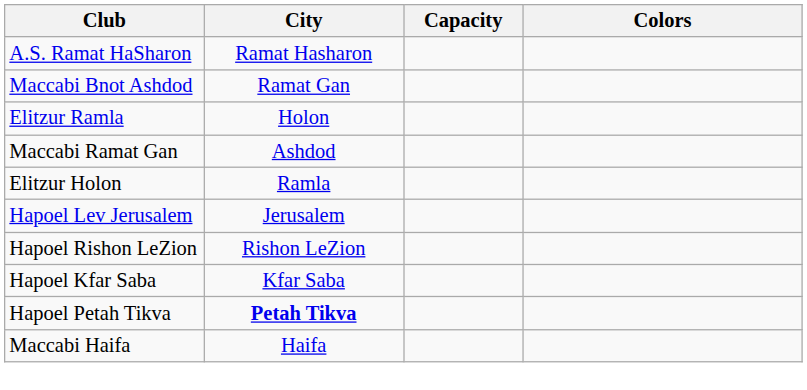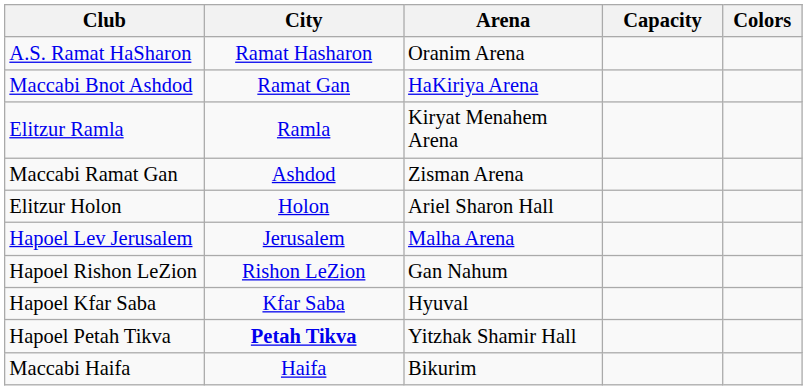 <table class="wikitable sortable" style="width:100%;">
 <tr>
 <th style="width:25%">Club</th>
 <th style="width:25%">City</th>
+<th style="width:25%">Arena</th>
 <th style="width:15%">Capacity</th>
 <th class="unsortable" scope="col">Colors</th>
 </tr>
 <tr>
 <td><a href='#'>A.S. Ramat HaSharon</a></td>
 <td align=center><a href='#'>Ramat Hasharon</a></td>
+<td>Oranim Arena</td>
 <td style="text-align:center"></td>
 <td> </td>
 </tr>
 <tr>
 <td><a href='#'>Maccabi Bnot Ashdod</a></td>
 <td align=center><a href='#'>Ramat Gan</a></td>
+<td><a href='#'>HaKiriya Arena</a></td>
 <td style="text-align:center"></td>
 <td> </td>
 </tr>
 <tr>
 <td><a href='#'>Elitzur Ramla</a></td>
-<td align=center><a href='#'>Holon</a></td>
+<td align=center><a href='#'>Ramla</a></td>
+<td>Kiryat Menahem Arena</td>
 <td style="text-align:center"></td>
 <td> </td>
 </tr>
 <tr>
 <td>Maccabi Ramat Gan</td>
 <td align=center><a href='#'>Ashdod</a></td>
+<td>Zisman Arena</td>
 <td style="text-align:center"></td>
 <td> </td>
 </tr>
 <tr>
 <td>Elitzur Holon</td>
-<td align=center><a href='#'>Ramla</a></td>
+<td align=center><a href='#'>Holon</a></td>
+<td>Ariel Sharon Hall</td>
 <td style="text-align:center"></td>
 <td> </td>
 </tr>
 <tr>
 <td><a href='#'>Hapoel Lev Jerusalem</a></td>
 <td align=center><a href='#'>Jerusalem</a></td>
+<td><a href='#'>Malha Arena</a></td>
 <td style="text-align:center"></td>
 <td> </td>
 </tr>
 <tr>
 <td>Hapoel Rishon LeZion</td>
 <td align=center><a href='#'>Rishon LeZion</a></td>
+<td>Gan Nahum</td>
 <td style="text-align:center"></td>
 <td> </td>
 </tr>
 <tr>
 <td>Hapoel Kfar Saba</td>
 <td align=center><a href='#'>Kfar Saba</a></td>
+<td>Hyuval</td>
 <td style="text-align:center"></td>
 <td> </td>
 </tr>
 <tr>
 <td>Hapoel Petah Tikva</td>
 <td align=center><strong><a href='#'>Petah Tikva</a></strong></td>
+<td>Yitzhak Shamir Hall</td>
 <td style="text-align:center"></td>
 <td> </td>
 </tr>
 <tr>
 <td>Maccabi Haifa</td>
 <td align=center><a href='#'>Haifa</a></td>
+<td>Bikurim</td>
 <td style="text-align:center"></td>
 <td> </td>
 </tr>
 </table>
